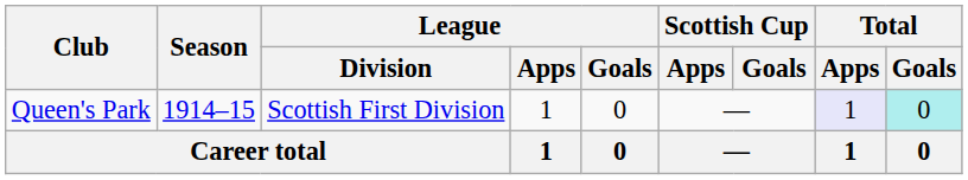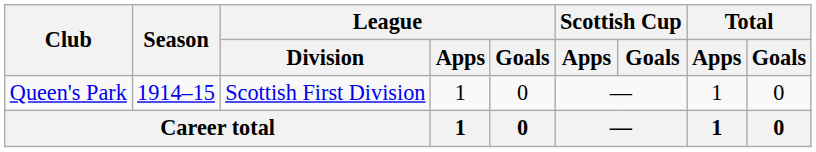 <table class="wikitable" style="text-align: center;">
 <tr>
 <th rowspan="2">Club</th>
 <th rowspan="2">Season</th>
 <th colspan="3">League</th>
 <th colspan="2">Scottish Cup</th>
 <th colspan="2">Total</th>
 </tr>
 <tr>
 <th>Division</th>
 <th>Apps</th>
 <th>Goals</th>
 <th>Apps</th>
 <th>Goals</th>
 <th>Apps</th>
 <th>Goals</th>
 </tr>
 <tr>
 <td><a href='#'>Queen's Park</a></td>
 <td><a href='#'>1914–15</a></td>
 <td><a href='#'>Scottish First Division</a></td>
 <td>1</td>
 <td>0</td>
 <td colspan="2">—</td>
-<td style="background: lavender;">1</td>
-<td style="background: paleturquoise;">0</td>
+<td>1</td>
+<td>0</td>
 </tr>
 <tr>
 <th colspan="3">Career total</th>
 <th>1</th>
 <th>0</th>
 <th colspan="2">—</th>
 <th>1</th>
 <th>0</th>
 </tr>
 </table>
